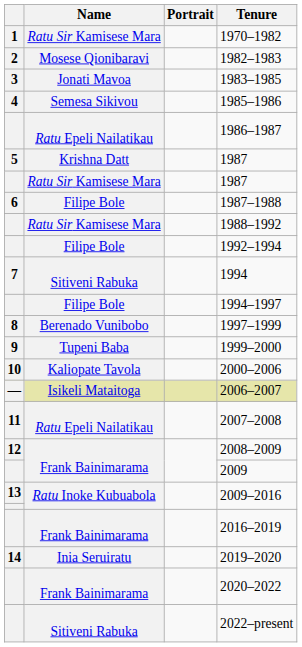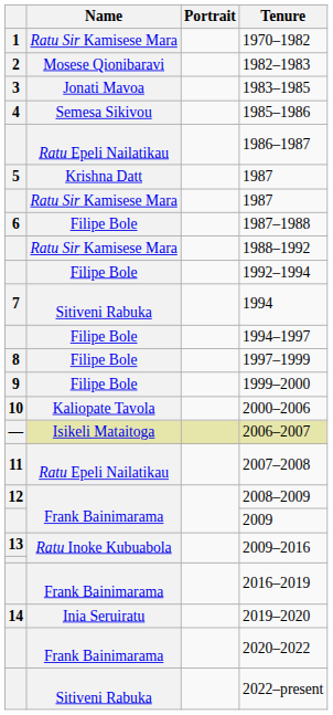 <table class="wikitable">
 <tr>
 <th></th>
 <th>Name<br></th>
 <th>Portrait</th>
 <th>Tenure</th>
 </tr>
 <tr>
 <th style="background-color:">1</th>
 <th align="center" scope="row" style="font-weight:normal;"><a href='#'><em>Ratu Sir</em> Kamisese Mara</a><br></th>
 <td></td>
 <td>1970–1982</td>
 </tr>
 <tr>
 <th style="background-color:">2</th>
 <th align="center" scope="row" style="font-weight:normal;"><a href='#'>Mosese Qionibaravi</a><br></th>
 <td></td>
 <td>1982–1983</td>
 </tr>
 <tr>
 <th style="background-color:">3</th>
 <th align="center" scope="row" style="font-weight:normal;"><a href='#'>Jonati Mavoa</a><br></th>
 <td></td>
 <td>1983–1985</td>
 </tr>
 <tr>
 <th style="background-color:">4</th>
 <th align="center" scope="row" style="font-weight:normal;"><a href='#'>Semesa Sikivou</a><br></th>
 <td></td>
 <td>1985–1986</td>
 </tr>
 <tr>
 <th style="background-color:"></th>
 <th align="center" scope="row" style="font-weight:normal;"><br><a href='#'><em>Ratu</em> Epeli Nailatikau</a><br></th>
 <td></td>
 <td>1986–1987</td>
 </tr>
 <tr>
 <th style="background-color:">5</th>
 <th align="center" scope="row" style="font-weight:normal;"><a href='#'>Krishna Datt</a><br></th>
 <td></td>
 <td>1987</td>
 </tr>
 <tr>
 <th style="background-color:"></th>
 <th align="center" scope="row" style="font-weight:normal;"><a href='#'><em>Ratu Sir</em> Kamisese Mara</a><br></th>
 <td></td>
 <td>1987</td>
 </tr>
 <tr>
 <th style="background-color:">6</th>
 <th align="center" scope="row" style="font-weight:normal;"><a href='#'>Filipe Bole</a><br></th>
 <td></td>
 <td>1987–1988</td>
 </tr>
 <tr>
 <th style="background-color:"></th>
 <th align="center" scope="row" style="font-weight:normal;"><a href='#'><em>Ratu Sir</em> Kamisese Mara</a><br></th>
 <td></td>
 <td>1988–1992</td>
 </tr>
 <tr>
 <th style="background-color:"></th>
 <th align="center" scope="row" style="font-weight:normal;"><a href='#'>Filipe Bole</a><br></th>
 <td></td>
 <td>1992–1994</td>
 </tr>
 <tr>
 <th style="background-color:">7</th>
 <th align="center" scope="row" style="font-weight:normal;"><br><a href='#'>Sitiveni Rabuka</a><br></th>
 <td></td>
 <td>1994</td>
 </tr>
 <tr>
 <th style="background-color:"></th>
 <th align="center" scope="row" style="font-weight:normal;"><a href='#'>Filipe Bole</a><br></th>
 <td></td>
 <td>1994–1997</td>
 </tr>
 <tr>
 <th style="background-color:">8</th>
-<th align="center" scope="row" style="font-weight:normal;"><a href='#'>Berenado Vunibobo</a><br></th>
+<th align="center" scope="row" style="font-weight:normal;"><a href='#'>Filipe Bole</a><br></th>
 <td></td>
 <td>1997–1999</td>
 </tr>
 <tr>
 <th style="background-color:">9</th>
-<th align="center" scope="row" style="font-weight:normal;"><a href='#'>Tupeni Baba</a><br></th>
+<th align="center" scope="row" style="font-weight:normal;"><a href='#'>Filipe Bole</a><br></th>
 <td></td>
 <td>1999–2000</td>
 </tr>
 <tr>
 <th style="background-color:">10</th>
 <th align="center" scope="row" style="font-weight:normal;"><a href='#'>Kaliopate Tavola</a><br></th>
 <td></td>
 <td>2000–2006</td>
 </tr>
 <tr style="background:#e6e6aa;">
 <th style="background-color:">—</th>
 <td align="center" scope="row" style="font-weight:normal;"><a href='#'>Isikeli Mataitoga</a><br></td>
 <td></td>
 <td>2006–2007</td>
 </tr>
 <tr>
 <th style="background-color:">11</th>
 <th align="center" scope="row" style="font-weight:normal;"><br><a href='#'><em>Ratu</em> Epeli Nailatikau</a><br></th>
 <td></td>
 <td>2007–2008</td>
 </tr>
 <tr>
 <th style="background-color:">12</th>
 <th rowspan="2" align="center" scope="row" style="font-weight:normal;"><br><a href='#'>Frank Bainimarama</a><br></th>
 <td rowspan="2"></td>
 <td>2008–2009</td>
 </tr>
 <tr>
 <th style="background-color:"></th>
 <td>2009</td>
 </tr>
 <tr>
 <th style="background-color:">13</th>
 <th rowspan="2" align="center" scope="row" style="font-weight:normal;"><a href='#'><em>Ratu</em> Inoke Kubuabola</a><br></th>
 <td rowspan="2"></td>
 <td rowspan="2">2009–2016</td>
 </tr>
 <tr>
 <th style="background-color:"></th>
 </tr>
 <tr>
 <th style="background-color:"></th>
 <th align="center" scope="row" style="font-weight:normal;"><br><a href='#'>Frank Bainimarama</a><br></th>
 <td></td>
 <td>2016–2019</td>
 </tr>
 <tr>
 <th style="background-color:">14</th>
 <th align="center" scope="row" style="font-weight:normal;"><a href='#'>Inia Seruiratu</a></th>
 <td></td>
 <td>2019–2020</td>
 </tr>
 <tr>
 <th style="background-color:"></th>
 <th align="center" scope="row" style="font-weight:normal;"><br><a href='#'>Frank Bainimarama</a><br></th>
 <td></td>
 <td>2020–2022</td>
 </tr>
 <tr>
 <th style="background-color:"></th>
 <th align="center" scope="row" style="font-weight:normal;"><br><a href='#'>Sitiveni Rabuka</a><br></th>
 <td></td>
 <td>2022–present</td>
 </tr>
 </table>
